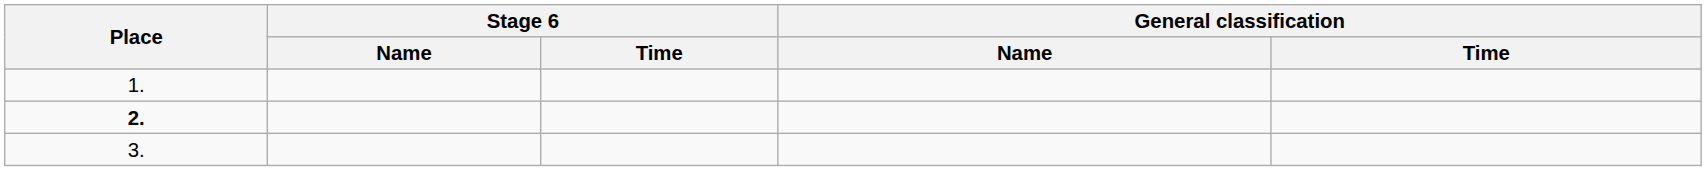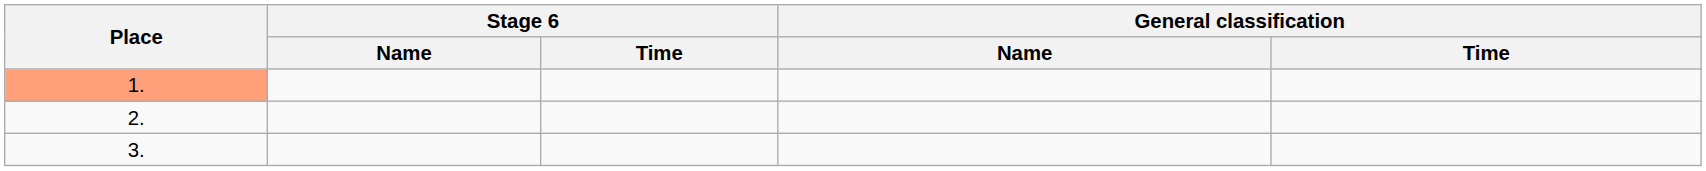 <table class=wikitable style="font-size:95%" width="80%">
 <tr>
 <th rowspan="2">Place</th>
 <th colspan="2">Stage 6</th>
 <th colspan="2">General classification</th>
 </tr>
 <tr>
 <th>Name</th>
 <th>Time</th>
 <th>Name</th>
 <th>Time</th>
 </tr>
 <tr>
-<td align="center">1.</td>
+<td align="center" style="background: lightsalmon;">1.</td>
 <td></td>
 <td></td>
 <td></td>
 <td></td>
 </tr>
 <tr>
-<td align="center"><strong>2.</strong></td>
+<td align="center">2.</td>
 <td></td>
 <td></td>
 <td></td>
 <td></td>
 </tr>
 <tr>
 <td align="center">3.</td>
 <td></td>
 <td></td>
 <td></td>
 <td></td>
 </tr>
 </table>
